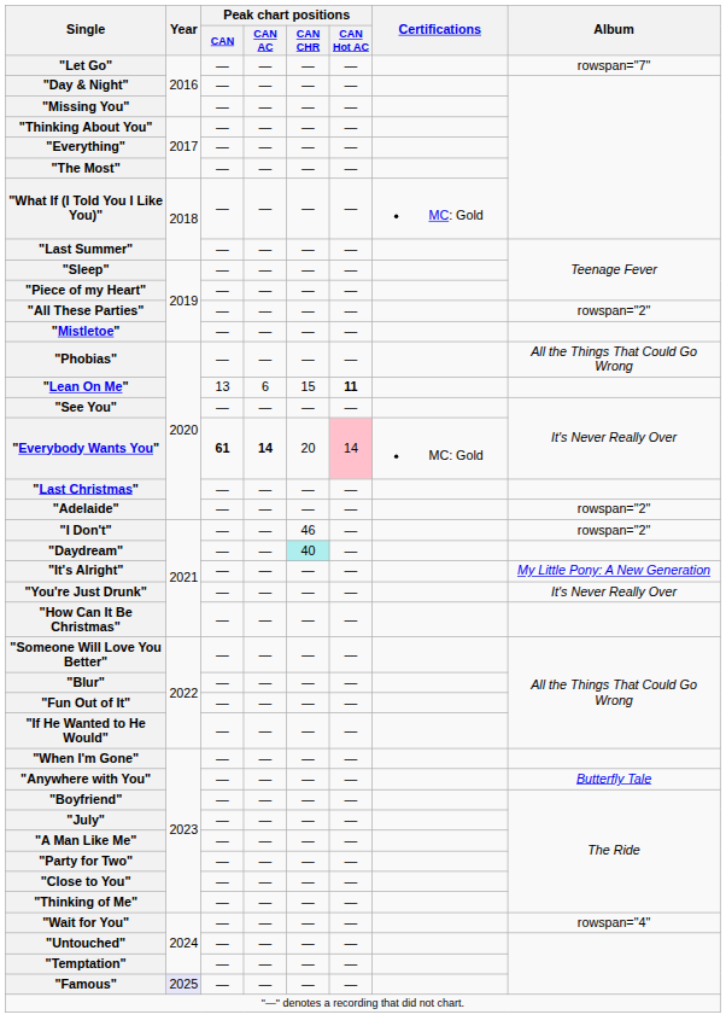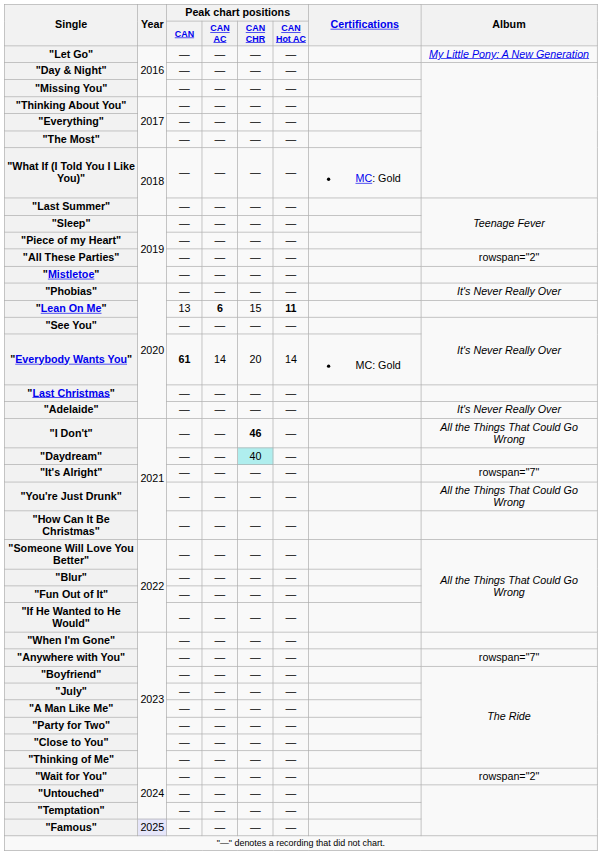 <table class="wikitable plainrowheaders" style="text-align:center;">
 <tr>
 <th rowspan="2" style="width:12em;">Single</th>
 <th rowspan="2" style="width:1em;">Year</th>
 <th colspan="4">Peak chart positions</th>
 <th rowspan="2" style="width:10em;"><a href='#'>Certifications</a></th>
 <th rowspan="2" style="width:16em;">Album</th>
 </tr>
 <tr style="font-size:smaller;">
 <th style="width:3.5em;"><a href='#'>CAN</a><br></th>
 <th style="width:3.5em;"><a href='#'>CAN<br>AC</a><br></th>
 <th style="width:3.5em;"><a href='#'>CAN CHR</a><br></th>
 <th style="width:3.5em;"><a href='#'>CAN<br>Hot AC</a><br></th>
 </tr>
 <tr>
 <th scope="row">"Let Go"</th>
 <td rowspan="3">2016</td>
 <td>—</td>
 <td>—</td>
 <td>—</td>
 <td>—</td>
 <td></td>
-<td>rowspan="7"  </td>
+<td><em><a href='#'>My Little Pony: A New Generation</a></em></td>
 </tr>
 <tr>
 <th scope="row">"Day & Night"<br></th>
 <td>—</td>
 <td>—</td>
 <td>—</td>
 <td>—</td>
 <td></td>
 </tr>
 <tr>
 <th scope="row">"Missing You"</th>
 <td>—</td>
 <td>—</td>
 <td>—</td>
 <td>—</td>
 <td></td>
 </tr>
 <tr>
 <th scope="row">"Thinking About You"</th>
 <td rowspan="3">2017</td>
 <td>—</td>
 <td>—</td>
 <td>—</td>
 <td>—</td>
 <td></td>
 </tr>
 <tr>
 <th scope="row">"Everything"</th>
 <td>—</td>
 <td>—</td>
 <td>—</td>
 <td>—</td>
 <td></td>
 </tr>
 <tr>
 <th scope="row">"The Most"</th>
 <td>—</td>
 <td>—</td>
 <td>—</td>
 <td>—</td>
 <td></td>
 </tr>
 <tr>
 <th scope="row">"What If (I Told You I Like You)"<br></th>
 <td rowspan="2">2018</td>
 <td>—</td>
 <td>—</td>
 <td>—</td>
 <td>—</td>
 <td><br><ul><li><a href='#'>MC</a>: Gold</li></ul></td>
 </tr>
 <tr>
 <th scope="row">"Last Summer"</th>
 <td>—</td>
 <td>—</td>
 <td>—</td>
 <td>—</td>
 <td></td>
 <td rowspan="3"><em>Teenage Fever</em></td>
 </tr>
 <tr>
 <th scope="row">"Sleep"</th>
 <td rowspan="4">2019</td>
 <td>—</td>
 <td>—</td>
 <td>—</td>
 <td>—</td>
 <td></td>
 </tr>
 <tr>
 <th scope="row">"Piece of my Heart"</th>
 <td>—</td>
 <td>—</td>
 <td>—</td>
 <td>—</td>
 <td></td>
 </tr>
 <tr>
 <th scope="row">"All These Parties"</th>
 <td>—</td>
 <td>—</td>
 <td>—</td>
 <td>—</td>
 <td></td>
 <td>rowspan="2" </td>
 </tr>
 <tr>
 <th scope="row">"<a href='#'>Mistletoe</a>"</th>
 <td>—</td>
 <td>—</td>
 <td>—</td>
 <td>—</td>
 <td></td>
 </tr>
 <tr>
 <th scope="row">"Phobias"</th>
 <td rowspan="6">2020</td>
 <td>—</td>
 <td>—</td>
 <td>—</td>
 <td>—</td>
 <td></td>
-<td><em>All the Things That Could Go Wrong</em></td>
+<td><em>It's Never Really Over</em></td>
 </tr>
 <tr>
 <th scope="row">"<a href='#'>Lean On Me</a>"<br></th>
 <td>13</td>
-<td>6</td>
+<td><strong>6</strong></td>
 <td>15</td>
 <td><strong>11</strong></td>
 <td></td>
 <td></td>
 </tr>
 <tr>
 <th scope="row">"See You"</th>
 <td>—</td>
 <td>—</td>
 <td>—</td>
 <td>—</td>
 <td></td>
 <td rowspan="2"><em>It's Never Really Over</em></td>
 </tr>
 <tr>
 <th scope="row">"<a href='#'>Everybody Wants You</a>"</th>
 <td><strong>61</strong></td>
-<td><strong>14</strong></td>
+<td>14</td>
 <td>20</td>
-<td style="background: pink;">14</td>
+<td>14</td>
 <td><br><ul><li>MC: Gold</li></ul></td>
 </tr>
 <tr>
 <th scope="row">"<a href='#'>Last Christmas</a>"</th>
 <td>—</td>
 <td>—</td>
 <td>—</td>
 <td>—</td>
 <td></td>
 <td></td>
 </tr>
 <tr>
 <th scope="row">"Adelaide"</th>
 <td>—</td>
 <td>—</td>
 <td>—</td>
 <td>—</td>
 <td></td>
-<td>rowspan="2" </td>
+<td><em>It's Never Really Over</em></td>
 </tr>
 <tr>
 <th scope="row">"I Don't"<br></th>
 <td rowspan="5">2021</td>
 <td>—</td>
 <td>—</td>
-<td>46</td>
+<td><strong>46</strong></td>
 <td>—</td>
 <td></td>
-<td>rowspan="2" </td>
+<td><em>All the Things That Could Go Wrong</em></td>
 </tr>
 <tr>
 <th scope="row">"Daydream"</th>
 <td>—</td>
 <td>—</td>
 <td style="background: paleturquoise;">40</td>
 <td>—</td>
 <td></td>
 </tr>
 <tr>
 <th scope="row">"It's Alright"</th>
 <td>—</td>
 <td>—</td>
 <td>—</td>
 <td>—</td>
 <td></td>
-<td><em><a href='#'>My Little Pony: A New Generation</a></em></td>
+<td>rowspan="7"  </td>
 </tr>
 <tr>
 <th scope="row">"You're Just Drunk"</th>
 <td>—</td>
 <td>—</td>
 <td>—</td>
 <td>—</td>
 <td></td>
-<td><em>It's Never Really Over</em></td>
+<td><em>All the Things That Could Go Wrong</em></td>
 </tr>
 <tr>
 <th scope="row">"How Can It Be Christmas"</th>
 <td>—</td>
 <td>—</td>
 <td>—</td>
 <td>—</td>
 <td></td>
 <td></td>
 </tr>
 <tr>
 <th scope="row">"Someone Will Love You Better"</th>
 <td rowspan="4">2022</td>
 <td>—</td>
 <td>—</td>
 <td>—</td>
 <td>—</td>
 <td></td>
 <td rowspan="4"><em>All the Things That Could Go Wrong</em></td>
 </tr>
 <tr>
 <th scope="row">"Blur"</th>
 <td>—</td>
 <td>—</td>
 <td>—</td>
 <td>—</td>
 <td></td>
 </tr>
 <tr>
 <th scope="row">"Fun Out of It"<br></th>
 <td>—</td>
 <td>—</td>
 <td>—</td>
 <td>—</td>
 <td></td>
 </tr>
 <tr>
 <th scope="row">"If He Wanted to He Would"</th>
 <td>—</td>
 <td>—</td>
 <td>—</td>
 <td>—</td>
 <td></td>
 </tr>
 <tr>
 <th scope="row">"When I'm Gone"<br></th>
 <td rowspan="8">2023</td>
 <td>—</td>
 <td>—</td>
 <td>—</td>
 <td>—</td>
 <td></td>
 <td></td>
 </tr>
 <tr>
 <th scope="row">"Anywhere with You"</th>
 <td>—</td>
 <td>—</td>
 <td>—</td>
 <td>—</td>
 <td></td>
-<td><em><a href='#'>Butterfly Tale</a></em></td>
+<td>rowspan="7"  </td>
 </tr>
 <tr>
 <th scope="row">"Boyfriend"</th>
 <td>—</td>
 <td>—</td>
 <td>—</td>
 <td>—</td>
 <td></td>
 <td rowspan="6"><em>The Ride</em></td>
 </tr>
 <tr>
 <th scope="row">"July"</th>
 <td>—</td>
 <td>—</td>
 <td>—</td>
 <td>—</td>
 <td></td>
 </tr>
 <tr>
 <th scope="row">"A Man Like Me"</th>
 <td>—</td>
 <td>—</td>
 <td>—</td>
 <td>—</td>
 <td></td>
 </tr>
 <tr>
 <th scope="row">"Party for Two"</th>
 <td>—</td>
 <td>—</td>
 <td>—</td>
 <td>—</td>
 <td></td>
 </tr>
 <tr>
 <th scope="row">"Close to You"</th>
 <td>—</td>
 <td>—</td>
 <td>—</td>
 <td>—</td>
 <td></td>
 </tr>
 <tr>
 <th scope="row">"Thinking of Me"</th>
 <td>—</td>
 <td>—</td>
 <td>—</td>
 <td>—</td>
 <td></td>
 </tr>
 <tr>
 <th scope="row">"Wait for You"</th>
 <td rowspan="3">2024</td>
 <td>—</td>
 <td>—</td>
 <td>—</td>
 <td>—</td>
 <td></td>
-<td>rowspan="4" </td>
+<td>rowspan="2" </td>
 </tr>
 <tr>
 <th scope="row">"Untouched"<br></th>
 <td>—</td>
 <td>—</td>
 <td>—</td>
 <td>—</td>
 <td></td>
 </tr>
 <tr>
 <th scope="row">"Temptation"</th>
 <td>—</td>
 <td>—</td>
 <td>—</td>
 <td>—</td>
 <td></td>
 </tr>
 <tr>
 <th scope="row">"Famous"</th>
 <td rowspan="1" style="background: lavender;">2025</td>
 <td>—</td>
 <td>—</td>
 <td>—</td>
 <td>—</td>
 <td></td>
 </tr>
 <tr>
 <td colspan="8" style="font-size:smaller;">"—" denotes a recording that did not chart.</td>
 </tr>
 </table>
